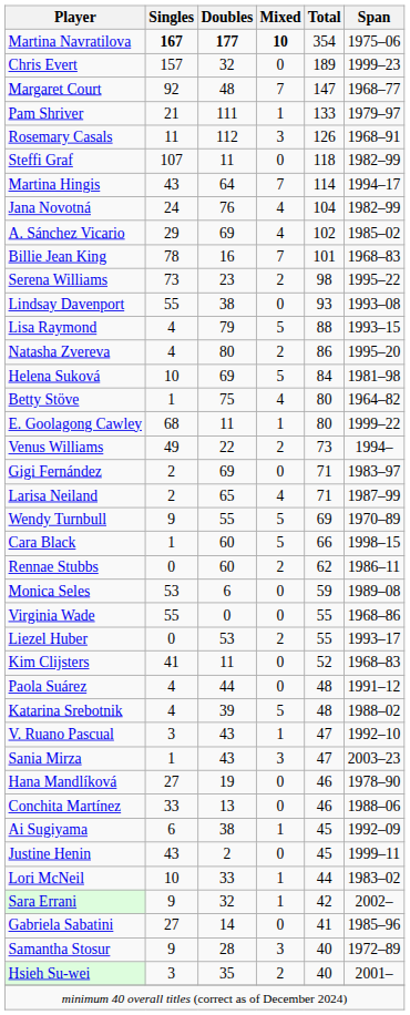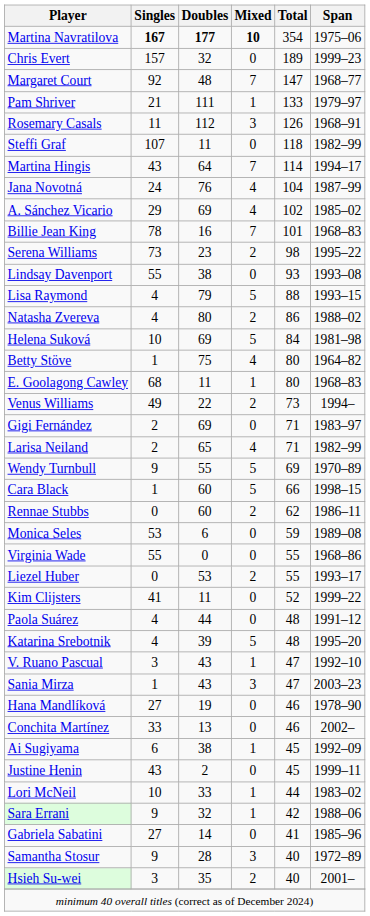 <table class="wikitable sortable" style="text-align:center; display:inline-table;">
 <tr>
 <th>Player</th>
 <th>Singles</th>
 <th>Doubles</th>
 <th>Mixed</th>
 <th>Total</th>
 <th>Span</th>
 </tr>
 <tr>
 <td style="text-align:left;"> <a href='#'>Martina Navratilova</a></td>
 <td><strong>167</strong></td>
 <td><strong>177</strong></td>
 <td><strong>10</strong></td>
 <td>354</td>
 <td>1975–06</td>
 </tr>
 <tr>
 <td style="text-align:left;"> <a href='#'>Chris Evert</a></td>
 <td>157</td>
 <td>32</td>
 <td>0</td>
 <td>189</td>
 <td>1999–23</td>
 </tr>
 <tr>
 <td style="text-align:left;"> <a href='#'>Margaret Court</a></td>
 <td>92</td>
 <td>48</td>
 <td>7</td>
 <td>147</td>
 <td>1968–77</td>
 </tr>
 <tr>
 <td style="text-align:left;"> <a href='#'>Pam Shriver</a></td>
 <td>21</td>
 <td>111</td>
 <td>1</td>
 <td>133</td>
 <td>1979–97</td>
 </tr>
 <tr>
 <td style="text-align:left;"> <a href='#'>Rosemary Casals</a></td>
 <td>11</td>
 <td>112</td>
 <td>3</td>
 <td>126</td>
 <td>1968–91</td>
 </tr>
 <tr>
 <td style="text-align:left;"> <a href='#'>Steffi Graf</a></td>
 <td>107</td>
 <td>11</td>
 <td>0</td>
 <td>118</td>
 <td>1982–99</td>
 </tr>
 <tr>
 <td style="text-align:left;"> <a href='#'>Martina Hingis</a></td>
 <td>43</td>
 <td>64</td>
 <td>7</td>
 <td>114</td>
 <td>1994–17</td>
 </tr>
 <tr>
 <td style="text-align:left;"> <a href='#'>Jana Novotná</a></td>
 <td>24</td>
 <td>76</td>
 <td>4</td>
 <td>104</td>
-<td>1982–99</td>
+<td>1987–99</td>
 </tr>
 <tr>
 <td style="text-align:left;"> <a href='#'>A. Sánchez Vicario</a></td>
 <td>29</td>
 <td>69</td>
 <td>4</td>
 <td>102</td>
 <td>1985–02</td>
 </tr>
 <tr>
 <td style="text-align:left;"> <a href='#'>Billie Jean King</a></td>
 <td>78</td>
 <td>16</td>
 <td>7</td>
 <td>101</td>
 <td>1968–83</td>
 </tr>
 <tr>
 <td style="text-align:left; "> <a href='#'>Serena Williams</a></td>
 <td>73</td>
 <td>23</td>
 <td>2</td>
 <td>98</td>
 <td>1995–22</td>
 </tr>
 <tr>
 <td style="text-align:left;"> <a href='#'>Lindsay Davenport</a></td>
 <td>55</td>
 <td>38</td>
 <td>0</td>
 <td>93</td>
 <td>1993–08</td>
 </tr>
 <tr>
 <td style="text-align:left;"> <a href='#'>Lisa Raymond</a></td>
 <td>4</td>
 <td>79</td>
 <td>5</td>
 <td>88</td>
 <td>1993–15</td>
 </tr>
 <tr>
 <td style="text-align:left;"> <a href='#'>Natasha Zvereva</a></td>
 <td>4</td>
 <td>80</td>
 <td>2</td>
 <td>86</td>
-<td>1995–20</td>
+<td>1988–02</td>
 </tr>
 <tr>
 <td style="text-align:left;"> <a href='#'>Helena Suková</a></td>
 <td>10</td>
 <td>69</td>
 <td>5</td>
 <td>84</td>
 <td>1981–98</td>
 </tr>
 <tr>
 <td style="text-align:left;"> <a href='#'>Betty Stöve</a></td>
 <td>1</td>
 <td>75</td>
 <td>4</td>
 <td>80</td>
 <td>1964–82</td>
 </tr>
 <tr>
 <td style="text-align:left;"> <a href='#'>E. Goolagong Cawley</a></td>
 <td>68</td>
 <td>11</td>
 <td>1</td>
 <td>80</td>
-<td>1999–22</td>
+<td>1968–83</td>
 </tr>
 <tr>
 <td style="text-align:left;"> <a href='#'>Venus Williams</a></td>
 <td>49</td>
 <td>22</td>
 <td>2</td>
 <td>73</td>
 <td>1994–</td>
 </tr>
 <tr>
 <td style="text-align:left;"> <a href='#'>Gigi Fernández</a></td>
 <td>2</td>
 <td>69</td>
 <td>0</td>
 <td>71</td>
 <td>1983–97</td>
 </tr>
 <tr>
 <td style="text-align:left;"> <a href='#'>Larisa Neiland</a></td>
 <td>2</td>
 <td>65</td>
 <td>4</td>
 <td>71</td>
-<td>1987–99</td>
+<td>1982–99</td>
 </tr>
 <tr>
 <td style="text-align:left;"> <a href='#'>Wendy Turnbull</a></td>
 <td>9</td>
 <td>55</td>
 <td>5</td>
 <td>69</td>
 <td>1970–89</td>
 </tr>
 <tr>
 <td style="text-align:left;"> <a href='#'>Cara Black</a></td>
 <td>1</td>
 <td>60</td>
 <td>5</td>
 <td>66</td>
 <td>1998–15</td>
 </tr>
 <tr>
 <td style="text-align:left;"> <a href='#'>Rennae Stubbs</a></td>
 <td>0</td>
 <td>60</td>
 <td>2</td>
 <td>62</td>
 <td>1986–11</td>
 </tr>
 <tr>
 <td style="text-align:left;"> <a href='#'>Monica Seles</a></td>
 <td>53</td>
 <td>6</td>
 <td>0</td>
 <td>59</td>
 <td>1989–08</td>
 </tr>
 <tr>
 <td style="text-align:left;"> <a href='#'>Virginia Wade</a></td>
 <td>55</td>
 <td>0</td>
 <td>0</td>
 <td>55</td>
 <td>1968–86</td>
 </tr>
 <tr>
 <td style="text-align:left;"> <a href='#'>Liezel Huber</a></td>
 <td>0</td>
 <td>53</td>
 <td>2</td>
 <td>55</td>
 <td>1993–17</td>
 </tr>
 <tr>
 <td style="text-align:left;"> <a href='#'>Kim Clijsters</a></td>
 <td>41</td>
 <td>11</td>
 <td>0</td>
 <td>52</td>
-<td>1968–83</td>
+<td>1999–22</td>
 </tr>
 <tr>
 <td style="text-align:left;"> <a href='#'>Paola Suárez</a></td>
 <td>4</td>
 <td>44</td>
 <td>0</td>
 <td>48</td>
 <td>1991–12</td>
 </tr>
 <tr>
 <td style="text-align:left; "> <a href='#'>Katarina Srebotnik</a></td>
 <td>4</td>
 <td>39</td>
 <td>5</td>
 <td>48</td>
-<td>1988–02</td>
+<td>1995–20</td>
 </tr>
 <tr>
 <td style="text-align:left;"> <a href='#'>V. Ruano Pascual</a></td>
 <td>3</td>
 <td>43</td>
 <td>1</td>
 <td>47</td>
 <td>1992–10</td>
 </tr>
 <tr>
 <td style="text-align:left;"> <a href='#'>Sania Mirza</a></td>
 <td>1</td>
 <td>43</td>
 <td>3</td>
 <td>47</td>
 <td>2003–23</td>
 </tr>
 <tr>
 <td style="text-align:left;"> <a href='#'>Hana Mandlíková</a></td>
 <td>27</td>
 <td>19</td>
 <td>0</td>
 <td>46</td>
 <td>1978–90</td>
 </tr>
 <tr>
 <td style="text-align:left;"> <a href='#'>Conchita Martínez</a></td>
 <td>33</td>
 <td>13</td>
 <td>0</td>
 <td>46</td>
-<td>1988–06</td>
+<td>2002–</td>
 </tr>
 <tr>
 <td style="text-align:left;"> <a href='#'>Ai Sugiyama</a></td>
 <td>6</td>
 <td>38</td>
 <td>1</td>
 <td>45</td>
 <td>1992–09</td>
 </tr>
 <tr>
 <td style="text-align:left;"> <a href='#'>Justine Henin</a></td>
 <td>43</td>
 <td>2</td>
 <td>0</td>
 <td>45</td>
 <td>1999–11</td>
 </tr>
 <tr>
 <td style="text-align:left;"> <a href='#'>Lori McNeil</a></td>
 <td>10</td>
 <td>33</td>
 <td>1</td>
 <td>44</td>
 <td>1983–02</td>
 </tr>
 <tr>
 <td style="text-align:left; background:#ddfddd;"> <a href='#'>Sara Errani</a></td>
 <td>9</td>
 <td>32</td>
 <td>1</td>
 <td>42</td>
-<td>2002–</td>
+<td>1988–06</td>
 </tr>
 <tr>
 <td style="text-align:left;"> <a href='#'>Gabriela Sabatini</a></td>
 <td>27</td>
 <td>14</td>
 <td>0</td>
 <td>41</td>
 <td>1985–96</td>
 </tr>
 <tr>
 <td style="text-align:left;"> <a href='#'>Samantha Stosur</a></td>
 <td>9</td>
 <td>28</td>
 <td>3</td>
 <td>40</td>
 <td>1972–89</td>
 </tr>
 <tr>
 <td style="text-align:left; background:#ddfddd;"> <a href='#'>Hsieh Su-wei</a></td>
 <td>3</td>
 <td>35</td>
 <td>2</td>
 <td>40</td>
 <td>2001–</td>
 </tr>
 <tr>
 </tr>
 <tr>
 <td colspan=6 style="text-align: center;"><small><em>minimum 40 overall titles</em> (correct as of December 2024)</small></td>
 </tr>
 </table>
